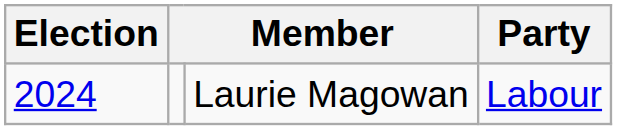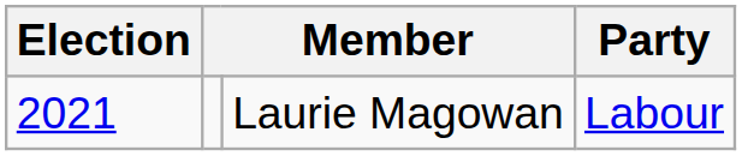 <table class="wikitable">
 <tr>
 <th>Election</th>
 <th colspan="2">Member</th>
 <th>Party</th>
 </tr>
 <tr>
-<td><a href='#'>2024</a></td>
+<td><a href='#'>2021</a></td>
 <td rowspan="1" style="background-color: "></td>
 <td rowspan="1">Laurie Magowan</td>
 <td rowspan="1"><a href='#'>Labour</a></td>
 </tr>
 </table>
